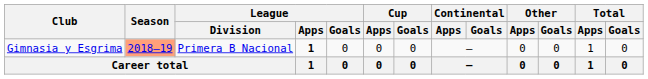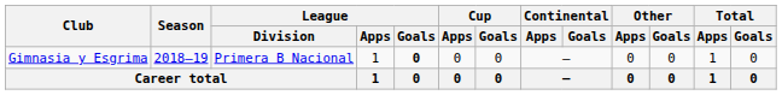 <table class="wikitable" style="text-align:center">
 <tr>
 <th rowspan="2">Club</th>
 <th rowspan="2">Season</th>
 <th colspan="3">League</th>
 <th colspan="2">Cup</th>
 <th colspan="2">Continental</th>
 <th colspan="2">Other</th>
 <th colspan="2">Total</th>
 </tr>
 <tr>
 <th>Division</th>
 <th>Apps</th>
 <th>Goals</th>
 <th>Apps</th>
 <th>Goals</th>
 <th>Apps</th>
 <th>Goals</th>
 <th>Apps</th>
 <th>Goals</th>
 <th>Apps</th>
 <th>Goals</th>
 </tr>
 <tr>
 <td rowspan="1"><a href='#'>Gimnasia y Esgrima</a></td>
-<td style="background: lightsalmon;"><a href='#'>2018–19</a></td>
+<td><a href='#'>2018–19</a></td>
 <td rowspan="1"><a href='#'>Primera B Nacional</a></td>
-<td><strong>1</strong></td>
-<td>0</td>
+<td>1</td>
+<td><strong>0</strong></td>
 <td>0</td>
 <td>0</td>
 <td colspan="2">—</td>
 <td>0</td>
 <td>0</td>
 <td>1</td>
 <td>0</td>
 </tr>
 <tr>
 <th colspan="3">Career total</th>
 <th>1</th>
 <th>0</th>
 <th>0</th>
 <th>0</th>
 <th colspan="2">—</th>
 <th>0</th>
 <th>0</th>
 <th>1</th>
 <th>0</th>
 </tr>
 </table>
